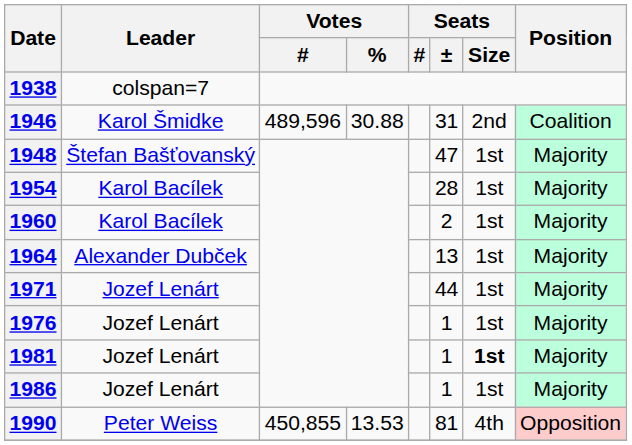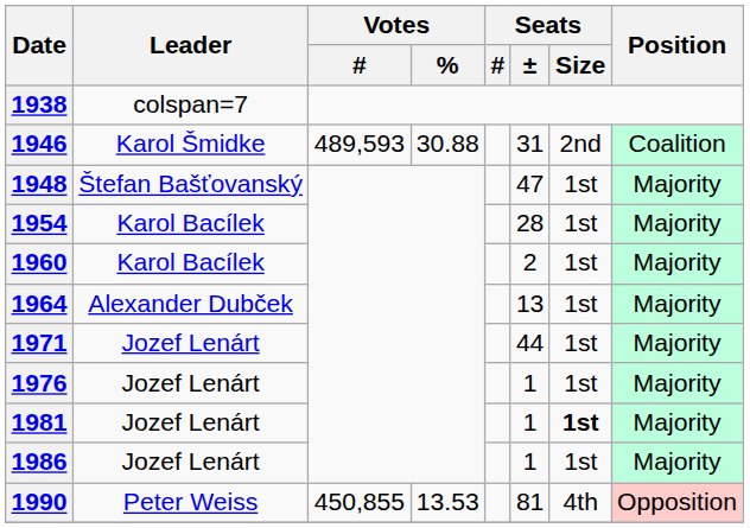 <table class="wikitable" style=text-align:center>
 <tr>
 <th rowspan="2">Date</th>
 <th rowspan="2">Leader</th>
 <th colspan="2">Votes</th>
 <th colspan="3">Seats</th>
 <th rowspan="2">Position</th>
 </tr>
 <tr>
 <th>#</th>
 <th>%</th>
 <th>#</th>
 <th>±</th>
 <th>Size</th>
 </tr>
 <tr>
 <th><a href='#'>1938</a></th>
 <td>colspan=7 </td>
 </tr>
 <tr>
 <th><a href='#'>1946</a></th>
 <td><a href='#'>Karol Šmidke</a></td>
-<td>489,596</td>
+<td>489,593</td>
 <td>30.88</td>
 <td></td>
 <td> 31</td>
 <td>2nd</td>
 <td style="background:#bfd;" align=center>Coalition</td>
 </tr>
 <tr>
 <th><a href='#'>1948</a></th>
 <td><a href='#'>Štefan Bašťovanský</a></td>
 <td colspan="2" rowspan="8"></td>
 <td></td>
 <td> 47</td>
 <td>1st</td>
 <td style="background:#bfd;" align=center>Majority</td>
 </tr>
 <tr>
 <th><a href='#'>1954</a></th>
 <td><a href='#'>Karol Bacílek</a></td>
 <td></td>
 <td> 28</td>
 <td>1st</td>
 <td style="background:#bfd;" align=center>Majority</td>
 </tr>
 <tr>
 <th><a href='#'>1960</a></th>
 <td><a href='#'>Karol Bacílek</a></td>
 <td></td>
 <td> 2</td>
 <td>1st</td>
 <td style="background:#bfd;" align=center>Majority</td>
 </tr>
 <tr>
 <th><a href='#'>1964</a></th>
 <td><a href='#'>Alexander Dubček</a></td>
 <td></td>
 <td> 13</td>
 <td>1st</td>
 <td style="background:#bfd;" align=center>Majority</td>
 </tr>
 <tr>
 <th><a href='#'>1971</a></th>
 <td><a href='#'>Jozef Lenárt</a></td>
 <td></td>
 <td> 44</td>
 <td>1st</td>
 <td style="background:#bfd;" align=center>Majority</td>
 </tr>
 <tr>
 <th><a href='#'>1976</a></th>
 <td>Jozef Lenárt</td>
 <td></td>
 <td> 1</td>
 <td>1st</td>
 <td style="background:#bfd;" align=center>Majority</td>
 </tr>
 <tr>
 <th><a href='#'>1981</a></th>
 <td>Jozef Lenárt</td>
 <td></td>
 <td> 1</td>
 <td><strong>1st</strong></td>
 <td style="background:#bfd;" align=center>Majority</td>
 </tr>
 <tr>
 <th><a href='#'>1986</a></th>
 <td>Jozef Lenárt</td>
 <td></td>
 <td> 1</td>
 <td>1st</td>
 <td style="background:#bfd;" align=center>Majority</td>
 </tr>
 <tr>
 <th><a href='#'>1990</a></th>
 <td><a href='#'>Peter Weiss</a></td>
 <td>450,855</td>
 <td>13.53</td>
 <td></td>
 <td> 81</td>
 <td>4th</td>
 <td style="background:#fcc;" align=center>Opposition</td>
 </tr>
 <tr>
 </tr>
 </table>
